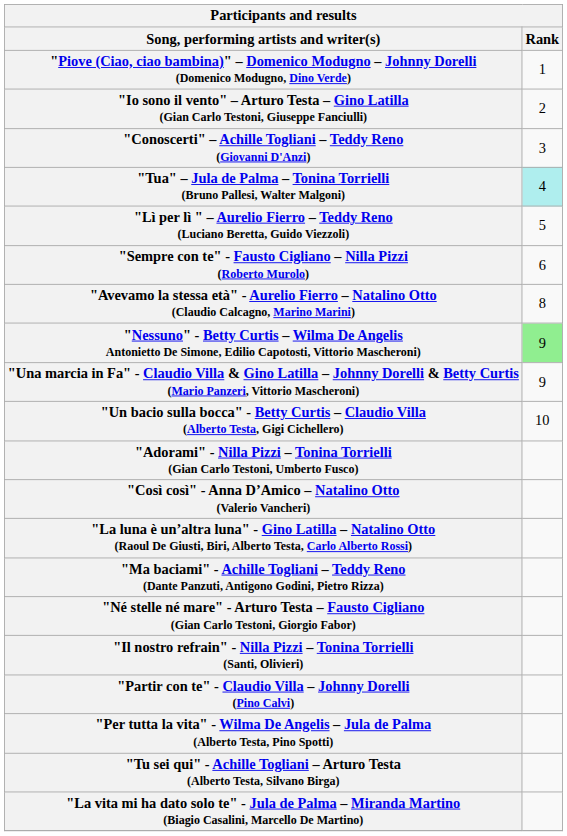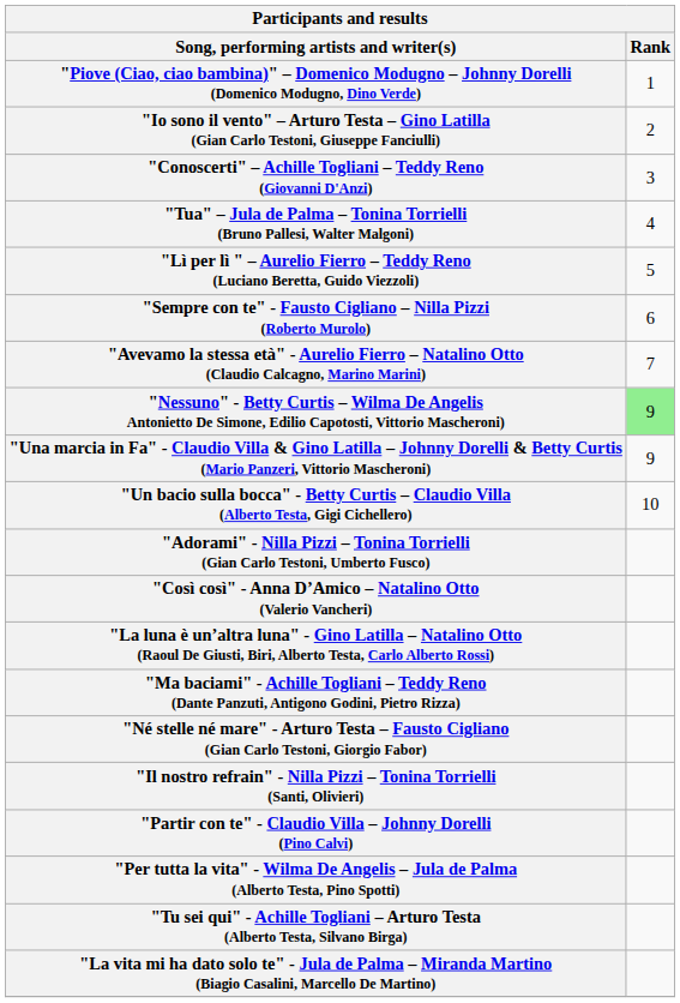 <table class="plainrowheaders wikitable">
 <tr>
 <th colspan="3">Participants and results</th>
 </tr>
 <tr>
 <th>Song, performing artists and writer(s)</th>
 <th>Rank</th>
 </tr>
 <tr>
 <th scope="row">"<a href='#'>Piove (Ciao, ciao bambina)</a>" –  <a href='#'>Domenico Modugno</a> –  <a href='#'>Johnny Dorelli</a>    <br><small>  (Domenico Modugno, <a href='#'>Dino Verde</a>)</small></th>
 <td style="text-align:center;">1</td>
 </tr>
 <tr>
 <th scope="row">"Io sono il vento" – Arturo Testa –  <a href='#'>Gino Latilla</a>  <br><small>(Gian Carlo Testoni, Giuseppe Fanciulli)</small></th>
 <td style="text-align:center;">2</td>
 </tr>
 <tr>
 <th scope="row">"Conoscerti" – <a href='#'>Achille Togliani</a> –  <a href='#'>Teddy Reno</a>  <br><small> 	(<a href='#'>Giovanni D'Anzi</a>) </small></th>
 <td style="text-align:center;">3</td>
 </tr>
 <tr>
 <th scope="row">"Tua" –  	<a href='#'>Jula de Palma</a> –  <a href='#'>Tonina Torrielli</a>  <br><small>  	 	 	(Bruno Pallesi, Walter Malgoni)</small></th>
-<td style="background: paleturquoise; text-align:center;">4</td>
+<td style="text-align:center;">4</td>
 </tr>
 <tr>
 <th scope="row">"Lì per lì "  –  <a href='#'>Aurelio Fierro</a> –  <a href='#'>Teddy Reno</a>  <br><small>(Luciano Beretta, Guido Viezzoli)  	 		</small></th>
 <td style="text-align:center;">5</td>
 </tr>
 <tr>
 <th scope="row">"Sempre con te" -  	<a href='#'>Fausto Cigliano</a> –  <a href='#'>Nilla Pizzi</a> <br><small>(<a href='#'>Roberto Murolo</a>)  	 	</small></th>
 <td style="text-align:center;">6</td>
 </tr>
 <tr>
 <th scope="row">"Avevamo la stessa età" -    <a href='#'>Aurelio Fierro</a> –  <a href='#'>Natalino Otto</a>   <br><small> (Claudio Calcagno, <a href='#'>Marino Marini</a>)    	 	</small></th>
-<td style="text-align:center;">8</td>
+<td style="text-align:center;">7</td>
 </tr>
 <tr>
 <th scope="row">"<a href='#'>Nessuno</a>" -  <a href='#'>Betty Curtis</a> – <a href='#'>Wilma De Angelis</a>   <br><small>  Antonietto De Simone, Edilio Capotosti, Vittorio Mascheroni)  </small></th>
 <td style="background: lightgreen; text-align:center;">9</td>
 </tr>
 <tr>
 <th scope="row">"Una marcia in Fa" -  <a href='#'>Claudio Villa</a> & <a href='#'>Gino Latilla</a> – <a href='#'>Johnny Dorelli</a> & <a href='#'>Betty Curtis</a>   <br><small>  (<a href='#'>Mario Panzeri</a>, Vittorio Mascheroni)  </small></th>
 <td style="text-align:center;">9</td>
 </tr>
 <tr>
 <th scope="row">"Un bacio sulla bocca" - <a href='#'>Betty Curtis</a> –  <a href='#'>Claudio Villa</a>  <br><small> 	(<a href='#'>Alberto Testa</a>, Gigi Cichellero) 	 	</small></th>
 <td style="text-align:center;">10</td>
 </tr>
 <tr>
 <th scope="row">"Adorami" - <a href='#'>Nilla Pizzi</a> –  <a href='#'>Tonina Torrielli</a> <br><small>  	(Gian Carlo Testoni, Umberto Fusco)  	 	</small></th>
 <td></td>
 </tr>
 <tr>
 <th scope="row">"Così così" -  Anna D’Amico  –  <a href='#'>Natalino Otto</a>   <br><small> 	(Valerio Vancheri)  	 	 	</small></th>
 <td></td>
 </tr>
 <tr>
 <th scope="row">"La luna è un’altra luna" - <a href='#'>Gino Latilla</a> –  <a href='#'>Natalino Otto</a>  <br><small>    (Raoul De Giusti, Biri, Alberto Testa, <a href='#'>Carlo Alberto Rossi</a>)</small></th>
 <td></td>
 </tr>
 <tr>
 <th scope="row">"Ma baciami" - <a href='#'>Achille Togliani</a> –  <a href='#'>Teddy Reno</a> <br><small> 	(Dante Panzuti, Antigono Godini, Pietro Rizza)  	</small></th>
 <td></td>
 </tr>
 <tr>
 <th scope="row">"Né stelle né mare" -  Arturo Testa –  <a href='#'>Fausto Cigliano</a>   <br><small> 	(Gian Carlo Testoni, Giorgio Fabor)  	 	</small></th>
 <td></td>
 </tr>
 <tr>
 <th scope="row">"Il nostro refrain" - <a href='#'>Nilla Pizzi</a> –  <a href='#'>Tonina Torrielli</a>  <br><small> 	(Santi, Olivieri)  	 	</small></th>
 <td></td>
 </tr>
 <tr>
 <th scope="row">"Partir con te" -  <a href='#'>Claudio Villa</a> –  <a href='#'>Johnny Dorelli</a>  <br><small> 	(<a href='#'>Pino Calvi</a>)  	 	</small></th>
 <td></td>
 </tr>
 <tr>
 <th scope="row">"Per tutta la vita" -  <a href='#'>Wilma De Angelis</a> –  <a href='#'>Jula de Palma</a>   <br><small> 	 (Alberto Testa, Pino Spotti)   	 	</small></th>
 <td></td>
 </tr>
 <tr>
 <th scope="row">"Tu sei qui" -  <a href='#'>Achille Togliani</a> –  Arturo Testa  <br><small> 	(Alberto Testa, Silvano Birga)  	 	</small></th>
 <td></td>
 </tr>
 <tr>
 <th scope="row">"La vita mi ha dato solo te" -  <a href='#'>Jula de Palma</a> –  <a href='#'>Miranda Martino</a> <br><small> 	(Biagio Casalini, Marcello De Martino) 	 	</small></th>
 <td></td>
 </tr>
 <tr>
 </tr>
 </table>
